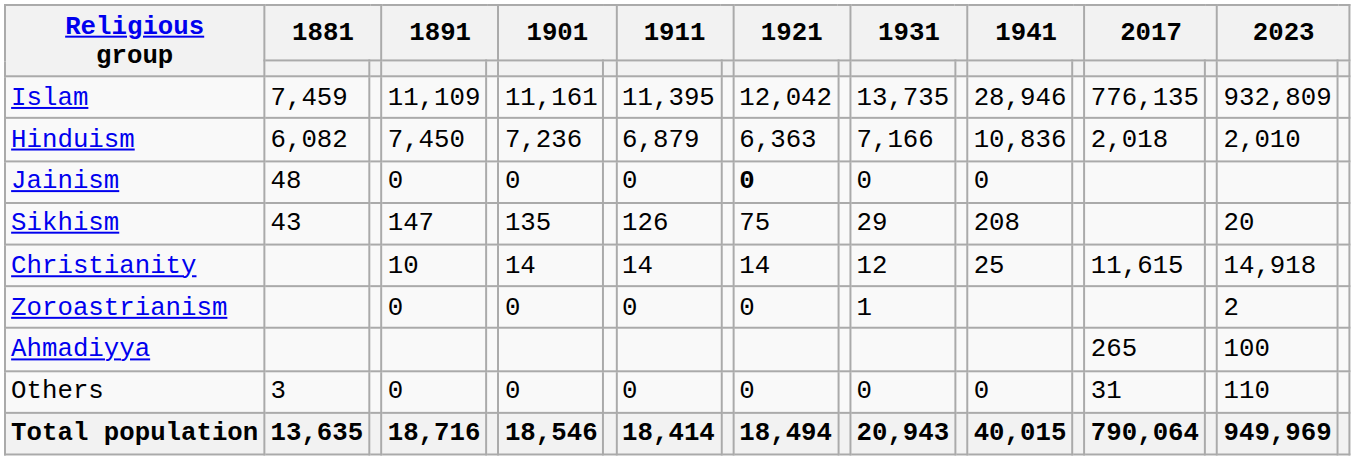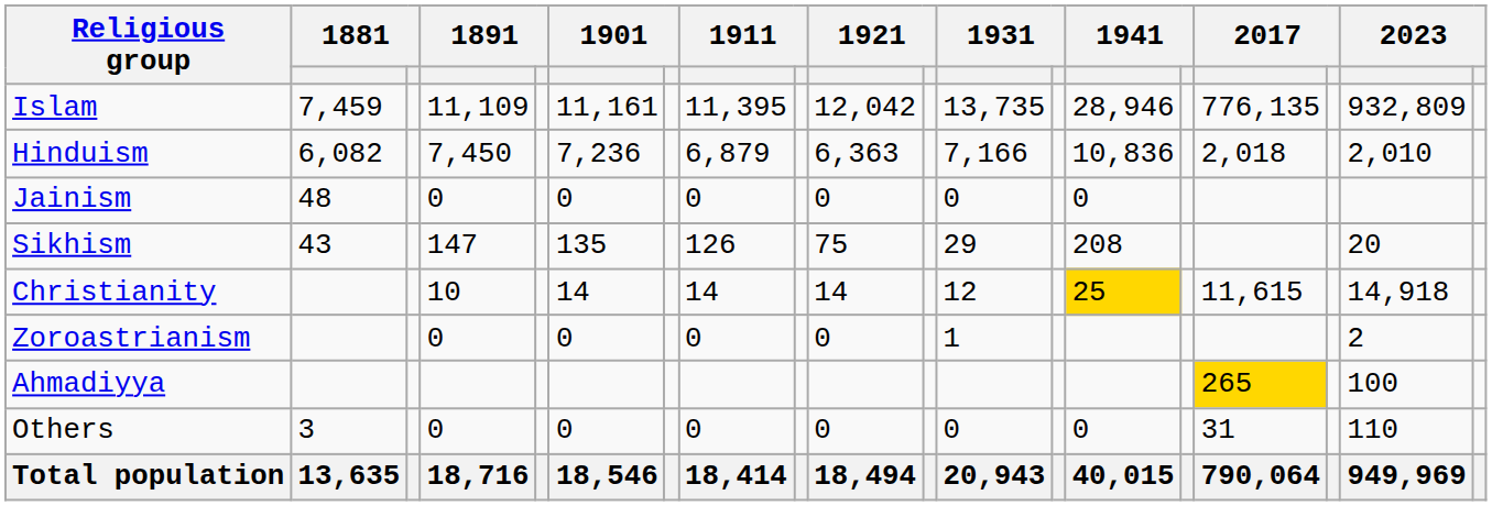 <table class="wikitable sortable">
 <tr>
 <th rowspan="2"><a href='#'>Religious</a><br>group</th>
 <th colspan="2">1881</th>
 <th colspan="2">1891</th>
 <th colspan="2">1901</th>
 <th colspan="2">1911</th>
 <th colspan="2">1921</th>
 <th colspan="2">1931</th>
 <th colspan="2">1941</th>
 <th colspan="2">2017</th>
 <th colspan="2">2023</th>
 </tr>
 <tr>
 <th><a href='#'></a></th>
 <th></th>
 <th></th>
 <th></th>
 <th></th>
 <th></th>
 <th></th>
 <th></th>
 <th></th>
 <th></th>
 <th></th>
 <th></th>
 <th></th>
 <th></th>
 <th></th>
 <th></th>
 <th></th>
 <th></th>
 </tr>
 <tr>
 <td><a href='#'>Islam</a> </td>
 <td>7,459</td>
 <td></td>
 <td>11,109</td>
 <td></td>
 <td>11,161</td>
 <td></td>
 <td>11,395</td>
 <td></td>
 <td>12,042</td>
 <td></td>
 <td>13,735</td>
 <td></td>
 <td>28,946</td>
 <td></td>
 <td>776,135</td>
 <td></td>
 <td>932,809</td>
 <td></td>
 </tr>
 <tr>
 <td><a href='#'>Hinduism</a> </td>
 <td>6,082</td>
 <td></td>
 <td>7,450</td>
 <td></td>
 <td>7,236</td>
 <td></td>
 <td>6,879</td>
 <td></td>
 <td>6,363</td>
 <td></td>
 <td>7,166</td>
 <td></td>
 <td>10,836</td>
 <td></td>
 <td>2,018</td>
 <td></td>
 <td>2,010</td>
 <td></td>
 </tr>
 <tr>
 <td><a href='#'>Jainism</a> </td>
 <td>48</td>
 <td></td>
 <td>0</td>
 <td></td>
 <td>0</td>
 <td></td>
 <td>0</td>
 <td></td>
-<td><strong>0</strong></td>
+<td>0</td>
 <td></td>
 <td>0</td>
 <td></td>
 <td>0</td>
 <td></td>
 <td></td>
 <td></td>
 <td></td>
 <td></td>
 </tr>
 <tr>
 <td><a href='#'>Sikhism</a> </td>
 <td>43</td>
 <td></td>
 <td>147</td>
 <td></td>
 <td>135</td>
 <td></td>
 <td>126</td>
 <td></td>
 <td>75</td>
 <td></td>
 <td>29</td>
 <td></td>
 <td>208</td>
 <td></td>
 <td></td>
 <td></td>
 <td>20</td>
 <td></td>
 </tr>
 <tr>
 <td><a href='#'>Christianity</a> </td>
 <td></td>
 <td></td>
 <td>10</td>
 <td></td>
 <td>14</td>
 <td></td>
 <td>14</td>
 <td></td>
 <td>14</td>
 <td></td>
 <td>12</td>
 <td></td>
-<td>25</td>
+<td style="background: gold;">25</td>
 <td></td>
 <td>11,615</td>
 <td></td>
 <td>14,918</td>
 <td></td>
 </tr>
 <tr>
 <td><a href='#'>Zoroastrianism</a> </td>
 <td></td>
 <td></td>
 <td>0</td>
 <td></td>
 <td>0</td>
 <td></td>
 <td>0</td>
 <td></td>
 <td>0</td>
 <td></td>
 <td>1</td>
 <td></td>
 <td></td>
 <td></td>
 <td></td>
 <td></td>
 <td>2</td>
 <td></td>
 </tr>
 <tr>
 <td><a href='#'>Ahmadiyya</a> </td>
 <td></td>
 <td></td>
 <td></td>
 <td></td>
 <td></td>
 <td></td>
 <td></td>
 <td></td>
 <td></td>
 <td></td>
 <td></td>
 <td></td>
 <td></td>
 <td></td>
-<td>265</td>
+<td style="background: gold;">265</td>
 <td></td>
 <td>100</td>
 <td></td>
 </tr>
 <tr>
 <td>Others</td>
 <td>3</td>
 <td></td>
 <td>0</td>
 <td></td>
 <td>0</td>
 <td></td>
 <td>0</td>
 <td></td>
 <td>0</td>
 <td></td>
 <td>0</td>
 <td></td>
 <td>0</td>
 <td></td>
 <td>31</td>
 <td></td>
 <td>110</td>
 <td></td>
 </tr>
 <tr>
 <th>Total population</th>
 <th>13,635</th>
 <th></th>
 <th>18,716</th>
 <th></th>
 <th>18,546</th>
 <th></th>
 <th>18,414</th>
 <th></th>
 <th>18,494</th>
 <th></th>
 <th>20,943</th>
 <th></th>
 <th>40,015</th>
 <th></th>
 <th>790,064</th>
 <th></th>
 <th>949,969</th>
 <th></th>
 </tr>
 </table>
